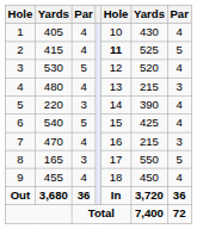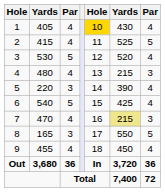 <table class="wikitable" style="text-align:center; font-size:100%;">
 <tr>
 <th>Hole</th>
 <th>Yards</th>
 <th>Par</th>
 <th></th>
 <th>Hole</th>
 <th>Yards</th>
 <th>Par</th>
 </tr>
 <tr>
 <td>1</td>
 <td>405</td>
 <td>4</td>
 <td rowspan=10 style="background:#E6E8FA;"></td>
-<td>10</td>
+<td style="background: gold;">10</td>
 <td>430</td>
 <td>4</td>
 </tr>
 <tr>
 <td>2</td>
 <td>415</td>
 <td>4</td>
-<td><strong>11</strong></td>
+<td>11</td>
 <td>525</td>
 <td>5</td>
 </tr>
 <tr>
 <td>3</td>
 <td>530</td>
 <td>5</td>
 <td>12</td>
 <td>520</td>
 <td>4</td>
 </tr>
 <tr>
 <td>4</td>
 <td>480</td>
 <td>4</td>
 <td>13</td>
 <td>215</td>
 <td>3</td>
 </tr>
 <tr>
 <td>5</td>
 <td>220</td>
 <td>3</td>
 <td>14</td>
 <td>390</td>
 <td>4</td>
 </tr>
 <tr>
 <td>6</td>
 <td>540</td>
 <td>5</td>
 <td>15</td>
 <td>425</td>
 <td>4</td>
 </tr>
 <tr>
 <td>7</td>
 <td>470</td>
 <td>4</td>
 <td>16</td>
-<td>215</td>
+<td style="background: khaki;">215</td>
 <td>3</td>
 </tr>
 <tr>
 <td>8</td>
 <td>165</td>
 <td>3</td>
 <td>17</td>
 <td>550</td>
 <td>5</td>
 </tr>
 <tr>
 <td>9</td>
 <td>455</td>
 <td>4</td>
 <td>18</td>
 <td>450</td>
 <td>4</td>
 </tr>
 <tr>
 <td><strong>Out</strong></td>
 <td><strong>3,680</strong></td>
 <td><strong>36</strong></td>
 <td><strong>In</strong></td>
 <td><strong>3,720</strong></td>
 <td><strong>36</strong></td>
 </tr>
 <tr>
 <td colspan=2 align=left></td>
 <td colspan=3><strong>Total</strong></td>
 <td><strong>7,400</strong></td>
 <td><strong>72</strong></td>
 </tr>
 </table>
